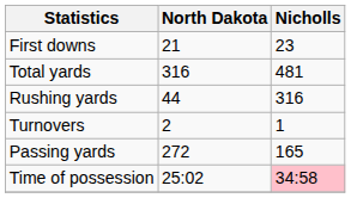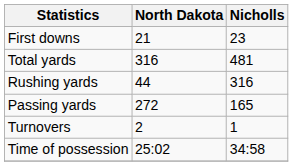 <table class="wikitable">
 <tr>
 <th>Statistics</th>
 <th>North Dakota</th>
 <th>Nicholls</th>
 </tr>
 <tr>
 <td>First downs</td>
 <td>21</td>
 <td>23</td>
 </tr>
 <tr>
 <td>Total yards</td>
 <td>316</td>
 <td>481</td>
 </tr>
 <tr>
 <td>Rushing yards</td>
 <td>44</td>
 <td>316</td>
 </tr>
 <tr>
+<td>Passing yards</td>
+<td>272</td>
+<td>165</td>
+</tr>
+<tr>
 <td>Turnovers</td>
 <td>2</td>
 <td>1</td>
 </tr>
 <tr>
-<td>Passing yards</td>
-<td>272</td>
-<td>165</td>
-</tr>
-<tr>
 <td>Time of possession</td>
 <td>25:02</td>
-<td style="background: pink;">34:58</td>
+<td>34:58</td>
 </tr>
 <tr>
 </tr>
 </table>
